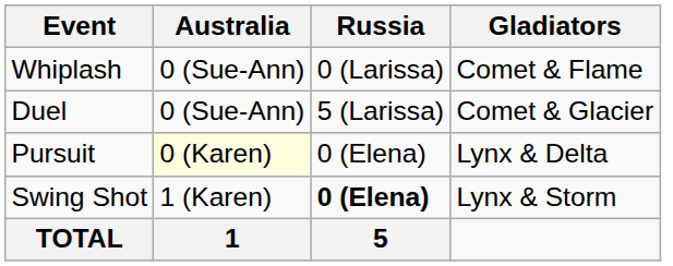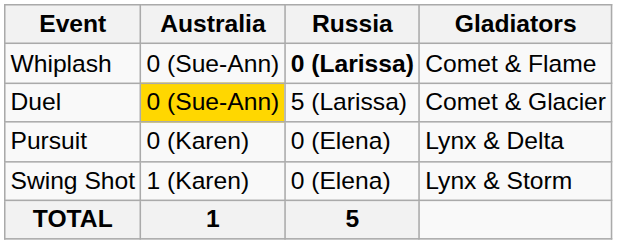 <table class="wikitable">
 <tr>
 <th>Event</th>
 <th>Australia</th>
 <th>Russia</th>
 <th>Gladiators</th>
 </tr>
 <tr>
 <td>Whiplash</td>
 <td>0 (Sue-Ann)</td>
-<td>0 (Larissa)</td>
+<td><strong>0 (Larissa)</strong></td>
 <td>Comet & Flame</td>
 </tr>
 <tr>
 <td>Duel</td>
-<td>0 (Sue-Ann)</td>
+<td style="background: gold;">0 (Sue-Ann)</td>
 <td>5 (Larissa)</td>
 <td>Comet & Glacier</td>
 </tr>
 <tr>
 <td>Pursuit</td>
-<td style="background: lightyellow;">0 (Karen)</td>
+<td>0 (Karen)</td>
 <td>0 (Elena)</td>
 <td>Lynx & Delta</td>
 </tr>
 <tr>
 <td>Swing Shot</td>
 <td>1 (Karen)</td>
-<td><strong>0 (Elena)</strong></td>
+<td>0 (Elena)</td>
 <td>Lynx & Storm</td>
 </tr>
 <tr>
 <th>TOTAL</th>
 <th>1</th>
 <th>5</th>
 </tr>
 </table>
